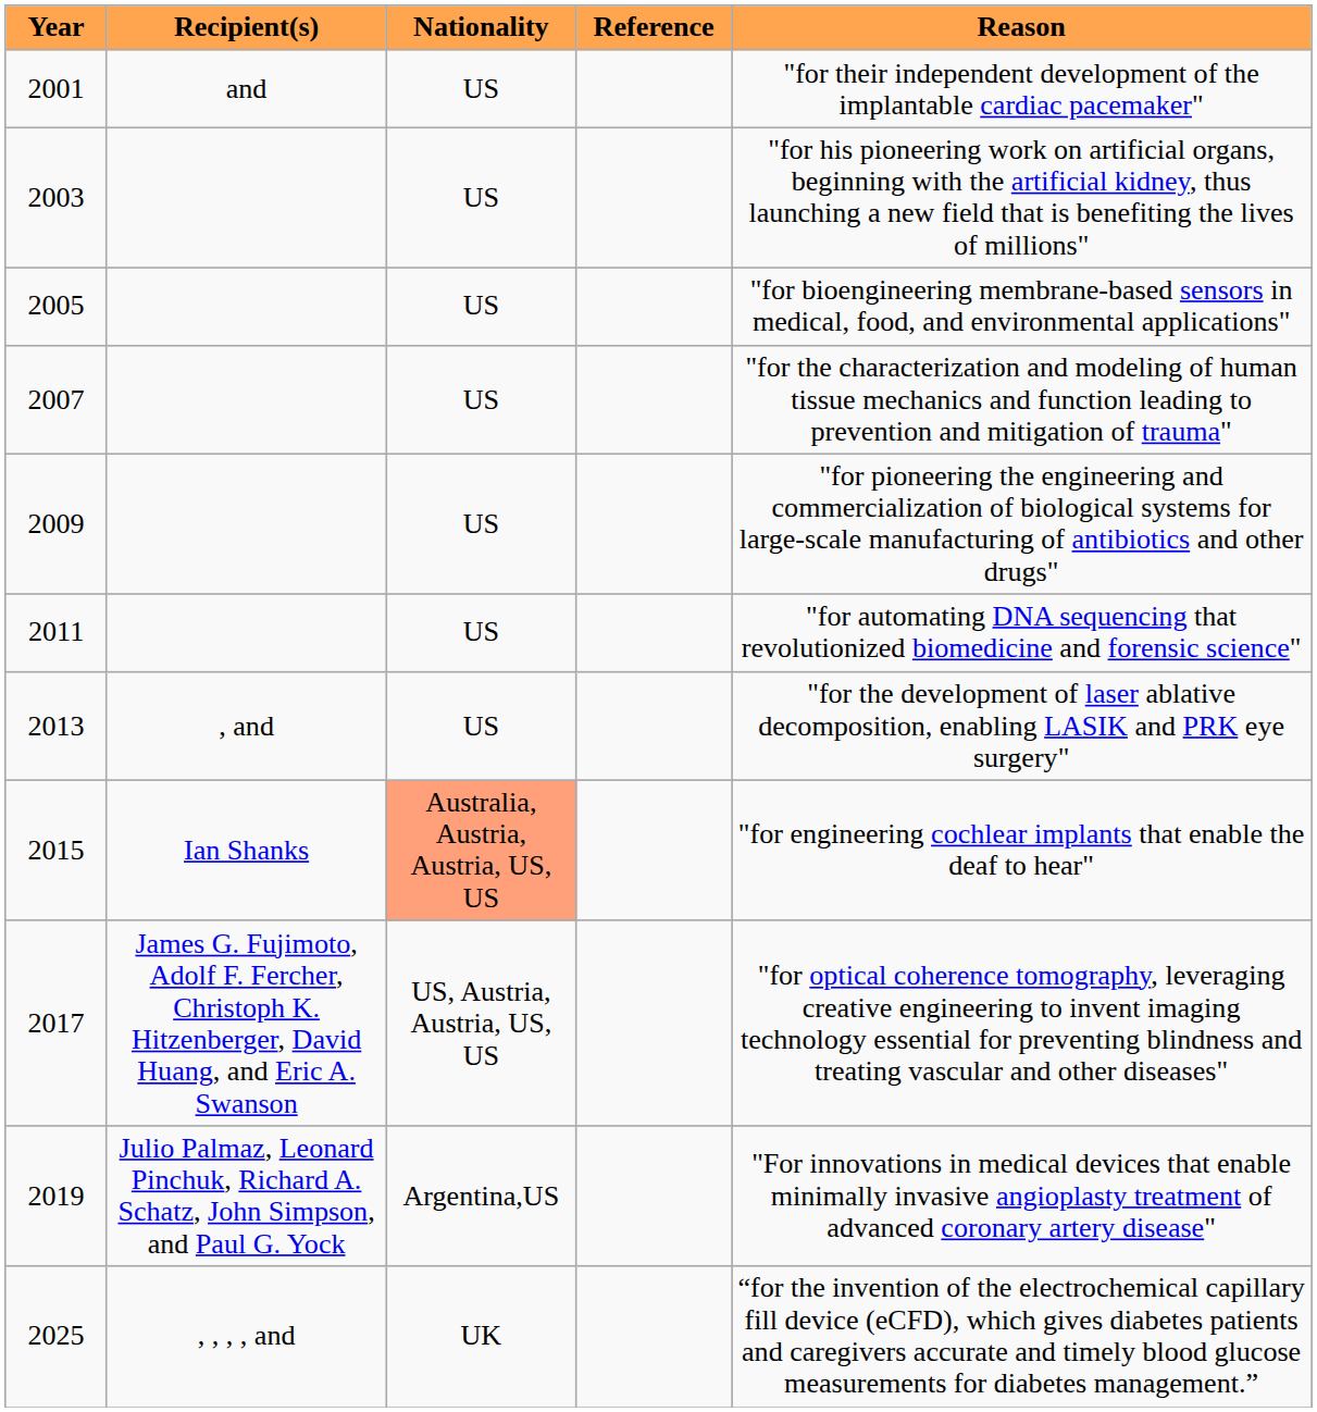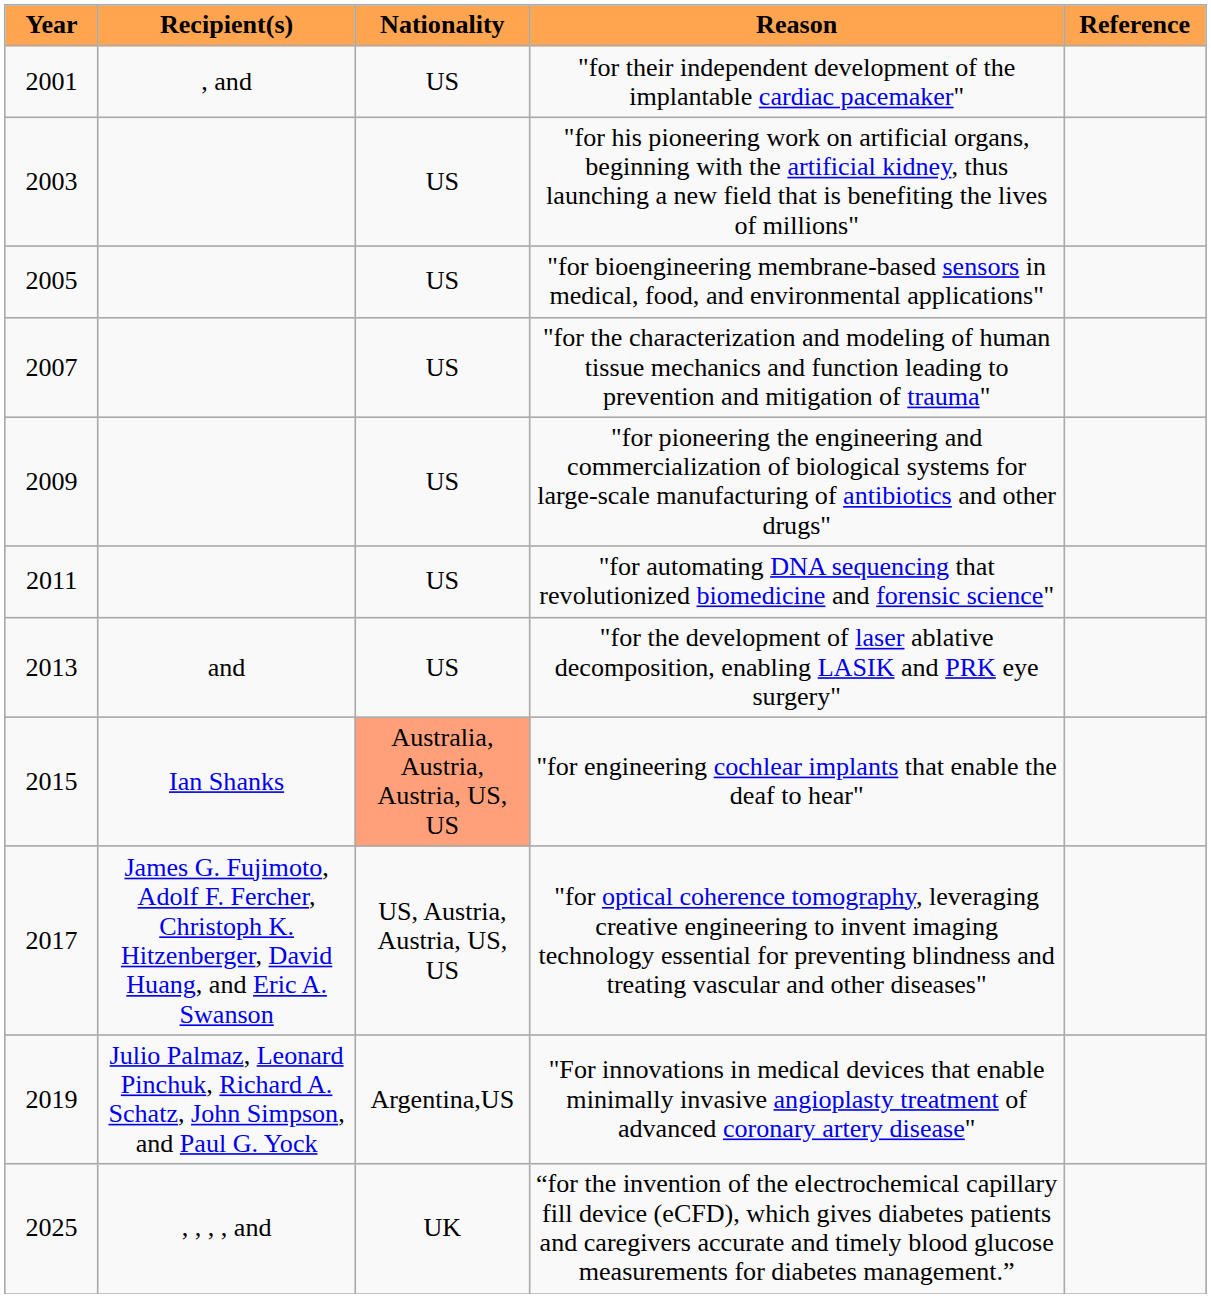 <table class="sortable wikitable" border="1" style="text-align:center;">
 <tr>
 <th width=50 style="background:#FFA54F;">Year</th>
 <th width=150 style="background:#FFA54F;">Recipient(s)</th>
 <th class=unsortable width=100 style="background:#FFA54F;">Nationality</th>
+<th class=unsortable width=320 style="background:#FFA54F;">Reason</th>
 <th class=unsortable width=80 style="background:#FFA54F;">Reference</th>
-<th class=unsortable width=320 style="background:#FFA54F;">Reason</th>
 </tr>
 <tr>
 <td>2001</td>
-<td> and </td>
+<td>,  and </td>
 <td>US</td>
+<td>"for their independent development of the implantable <a href='#'>cardiac pacemaker</a>"</td>
 <td></td>
-<td>"for their independent development of the implantable <a href='#'>cardiac pacemaker</a>"</td>
 </tr>
 <tr>
 <td>2003</td>
 <td></td>
 <td>US</td>
+<td>"for his pioneering work on artificial organs, beginning with the <a href='#'>artificial kidney</a>, thus launching a new field that is benefiting the lives of millions"</td>
 <td></td>
-<td>"for his pioneering work on artificial organs, beginning with the <a href='#'>artificial kidney</a>, thus launching a new field that is benefiting the lives of millions"</td>
 </tr>
 <tr>
 <td>2005</td>
 <td></td>
 <td>US</td>
+<td>"for bioengineering membrane-based <a href='#'>sensors</a> in medical, food, and environmental applications"</td>
 <td></td>
-<td>"for bioengineering membrane-based <a href='#'>sensors</a> in medical, food, and environmental applications"</td>
 </tr>
 <tr>
 <td>2007</td>
 <td></td>
 <td>US</td>
+<td>"for the characterization and modeling of human tissue mechanics and function leading to prevention and mitigation of <a href='#'>trauma</a>"</td>
 <td></td>
-<td>"for the characterization and modeling of human tissue mechanics and function leading to prevention and mitigation of <a href='#'>trauma</a>"</td>
 </tr>
 <tr>
 <td>2009</td>
 <td></td>
 <td>US</td>
+<td>"for pioneering the engineering and commercialization of biological systems for large-scale manufacturing of <a href='#'>antibiotics</a> and other drugs"</td>
 <td></td>
-<td>"for pioneering the engineering and commercialization of biological systems for large-scale manufacturing of <a href='#'>antibiotics</a> and other drugs"</td>
 </tr>
 <tr>
 <td>2011</td>
 <td></td>
 <td>US</td>
+<td>"for automating <a href='#'>DNA sequencing</a> that revolutionized <a href='#'>biomedicine</a> and <a href='#'>forensic science</a>"</td>
 <td></td>
-<td>"for automating <a href='#'>DNA sequencing</a> that revolutionized <a href='#'>biomedicine</a> and <a href='#'>forensic science</a>"</td>
 </tr>
 <tr>
 <td>2013</td>
-<td>,  and </td>
+<td> and </td>
 <td>US</td>
+<td>"for the development of <a href='#'>laser</a> ablative decomposition, enabling <a href='#'>LASIK</a> and <a href='#'>PRK</a> eye surgery"</td>
 <td></td>
-<td>"for the development of <a href='#'>laser</a> ablative decomposition, enabling <a href='#'>LASIK</a> and <a href='#'>PRK</a> eye surgery"</td>
 </tr>
 <tr>
 <td>2015</td>
 <td><a href='#'>Ian Shanks</a></td>
 <td style="background: lightsalmon;">Australia, Austria, Austria, US, US</td>
+<td>"for engineering <a href='#'>cochlear implants</a> that enable the deaf to hear"</td>
 <td></td>
-<td>"for engineering <a href='#'>cochlear implants</a> that enable the deaf to hear"</td>
 </tr>
 <tr>
 <td>2017</td>
 <td><a href='#'>James G. Fujimoto</a>, <a href='#'>Adolf F. Fercher</a>, <a href='#'>Christoph K. Hitzenberger</a>, <a href='#'>David Huang</a>, and <a href='#'>Eric A. Swanson</a></td>
 <td>US, Austria, Austria, US, US</td>
+<td>"for <a href='#'>optical coherence tomography</a>, leveraging creative engineering to invent imaging technology essential for preventing blindness and treating vascular and other diseases"</td>
 <td></td>
-<td>"for <a href='#'>optical coherence tomography</a>, leveraging creative engineering to invent imaging technology essential for preventing blindness and treating vascular and other diseases"</td>
 </tr>
 <tr>
 <td>2019</td>
 <td><a href='#'>Julio Palmaz</a>, <a href='#'>Leonard Pinchuk</a>, <a href='#'>Richard A. Schatz</a>, <a href='#'>John Simpson</a>, and <a href='#'>Paul G. Yock</a></td>
 <td>Argentina,US</td>
+<td>"For innovations in medical devices that enable minimally invasive <a href='#'>angioplasty treatment</a> of advanced <a href='#'>coronary artery disease</a>"</td>
 <td></td>
-<td>"For innovations in medical devices that enable minimally invasive <a href='#'>angioplasty treatment</a> of advanced <a href='#'>coronary artery disease</a>"</td>
 </tr>
 <tr>
 <td>2025</td>
 <td>, , , , and </td>
 <td>UK</td>
+<td>“for the invention of the electrochemical capillary fill device (eCFD), which gives diabetes patients and caregivers accurate and timely blood glucose measurements for diabetes management.”</td>
 <td></td>
-<td>“for the invention of the electrochemical capillary fill device (eCFD), which gives diabetes patients and caregivers accurate and timely blood glucose measurements for diabetes management.”</td>
 </tr>
 </table>
